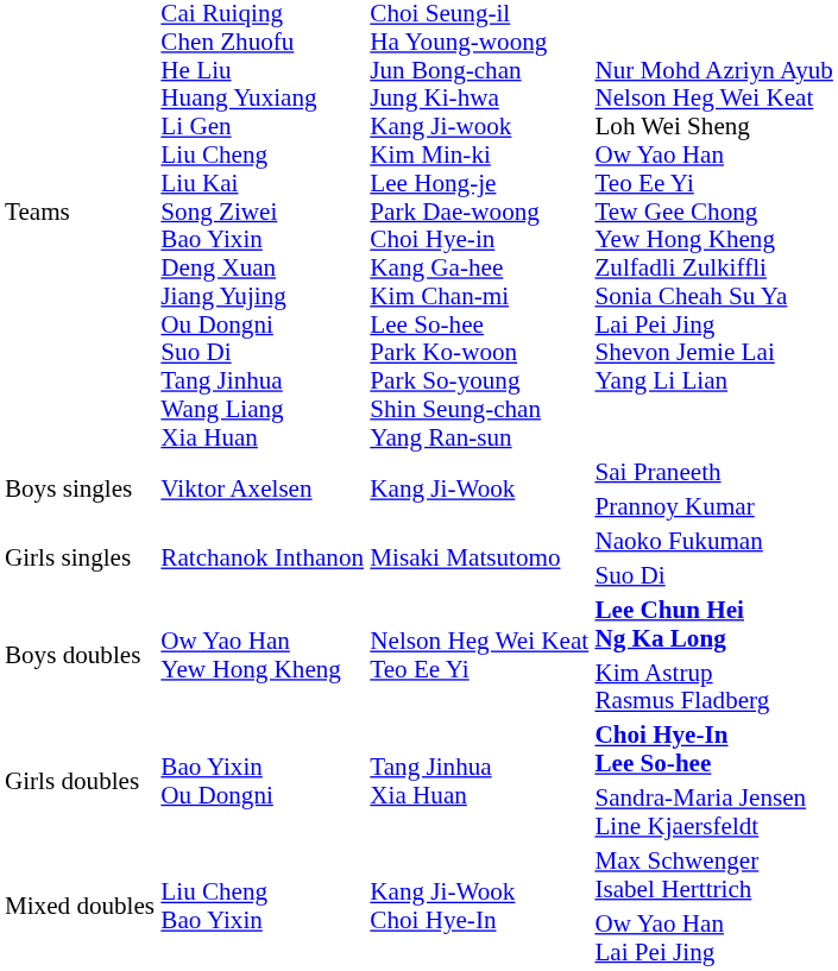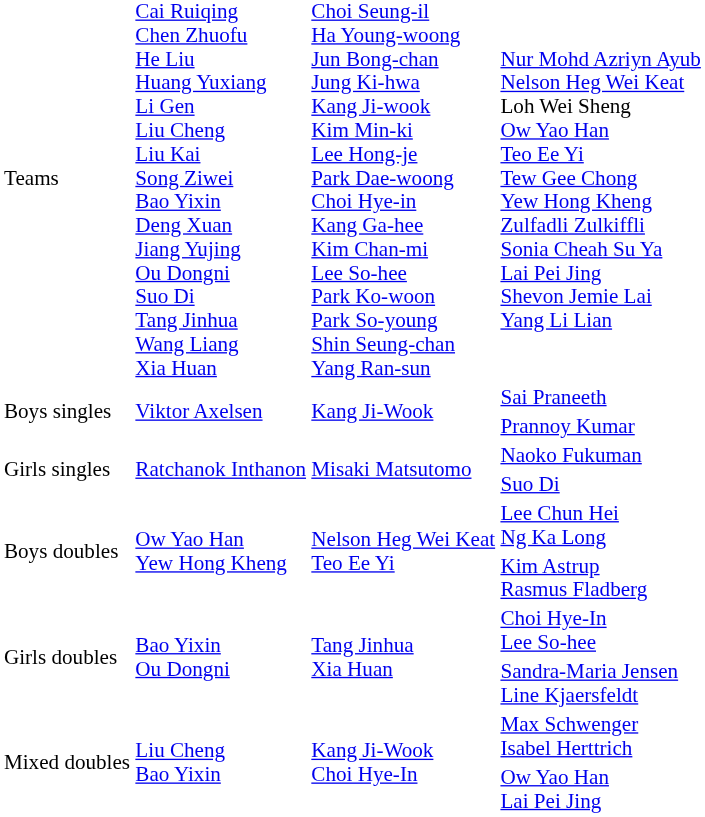 <table>
 <tr>
 <td>Teams</td>
 <td> <br><a href='#'>Cai Ruiqing</a><br><a href='#'>Chen Zhuofu</a><br><a href='#'>He Liu</a><br><a href='#'>Huang Yuxiang</a><br><a href='#'>Li Gen</a><br><a href='#'>Liu Cheng</a><br><a href='#'>Liu Kai</a><br><a href='#'>Song Ziwei</a><br><a href='#'>Bao Yixin</a><br><a href='#'>Deng Xuan</a><br><a href='#'>Jiang Yujing</a><br><a href='#'>Ou Dongni</a><br><a href='#'>Suo Di</a><br><a href='#'>Tang Jinhua</a><br><a href='#'>Wang Liang</a><br><a href='#'>Xia Huan</a></td>
 <td> <br><a href='#'>Choi Seung-il</a><br><a href='#'>Ha Young-woong</a><br><a href='#'>Jun Bong-chan</a><br><a href='#'>Jung Ki-hwa</a><br><a href='#'>Kang Ji-wook</a><br><a href='#'>Kim Min-ki</a><br><a href='#'>Lee Hong-je</a><br><a href='#'>Park Dae-woong</a><br><a href='#'>Choi Hye-in</a><br><a href='#'>Kang Ga-hee</a><br><a href='#'>Kim Chan-mi</a><br><a href='#'>Lee So-hee</a><br><a href='#'>Park Ko-woon</a><br><a href='#'>Park So-young</a><br><a href='#'>Shin Seung-chan</a><br><a href='#'>Yang Ran-sun</a></td>
 <td> <br><a href='#'>Nur Mohd Azriyn Ayub</a><br><a href='#'>Nelson Heg Wei Keat</a><br>Loh Wei Sheng<br><a href='#'>Ow Yao Han</a><br><a href='#'>Teo Ee Yi</a><br><a href='#'>Tew Gee Chong</a><br><a href='#'>Yew Hong Kheng</a><br><a href='#'>Zulfadli Zulkiffli</a><br><a href='#'>Sonia Cheah Su Ya</a><br><a href='#'>Lai Pei Jing</a><br><a href='#'>Shevon Jemie Lai</a><br><a href='#'>Yang Li Lian</a></td>
 </tr>
 <tr>
 <td rowspan=2>Boys singles</td>
 <td rowspan=2><span></span> <a href='#'>Viktor Axelsen</a></td>
 <td rowspan=2><span></span> <a href='#'>Kang Ji-Wook</a></td>
 <td><span></span> <a href='#'>Sai Praneeth</a></td>
 </tr>
 <tr>
 <td><span></span> <a href='#'>Prannoy Kumar</a></td>
 </tr>
 <tr>
 <td rowspan=2>Girls singles</td>
 <td rowspan=2><span></span> <a href='#'>Ratchanok Inthanon</a></td>
 <td rowspan=2><span></span> <a href='#'>Misaki Matsutomo</a></td>
 <td><span></span> <a href='#'>Naoko Fukuman</a></td>
 </tr>
 <tr>
 <td><span></span> <a href='#'>Suo Di</a></td>
 </tr>
 <tr>
 <td rowspan=2>Boys doubles</td>
 <td rowspan=2><span></span> <a href='#'>Ow Yao Han</a><br> <span></span> <a href='#'>Yew Hong Kheng</a></td>
 <td rowspan=2><span></span> <a href='#'>Nelson Heg Wei Keat</a><br> <span></span> <a href='#'>Teo Ee Yi</a></td>
-<td><strong><span></span> <a href='#'>Lee Chun Hei</a><br> <span></span> <a href='#'>Ng Ka Long</a></strong></td>
+<td><span></span> <a href='#'>Lee Chun Hei</a><br> <span></span> <a href='#'>Ng Ka Long</a></td>
 </tr>
 <tr>
 <td><span></span> <a href='#'>Kim Astrup</a><br> <span></span> <a href='#'>Rasmus Fladberg</a></td>
 </tr>
 <tr>
 <td rowspan=2>Girls doubles</td>
 <td rowspan=2><span></span> <a href='#'>Bao Yixin</a><br> <span></span> <a href='#'>Ou Dongni</a></td>
 <td rowspan=2><span></span> <a href='#'>Tang Jinhua</a><br> <span></span> <a href='#'>Xia Huan</a></td>
-<td><strong><span></span> <a href='#'>Choi Hye-In</a><br> <span></span> <a href='#'>Lee So-hee</a></strong></td>
+<td><span></span> <a href='#'>Choi Hye-In</a><br> <span></span> <a href='#'>Lee So-hee</a></td>
 </tr>
 <tr>
 <td><span></span> <a href='#'>Sandra-Maria Jensen</a><br> <span></span> <a href='#'>Line Kjaersfeldt</a></td>
 </tr>
 <tr>
 <td rowspan=2>Mixed doubles</td>
 <td rowspan=2><span></span> <a href='#'>Liu Cheng</a><br> <span></span> <a href='#'>Bao Yixin</a></td>
 <td rowspan=2><span></span> <a href='#'>Kang Ji-Wook</a><br> <span></span> <a href='#'>Choi Hye-In</a></td>
 <td><span></span> <a href='#'>Max Schwenger</a><br> <span></span> <a href='#'>Isabel Herttrich</a></td>
 </tr>
 <tr>
 <td><span></span> <a href='#'>Ow Yao Han</a><br> <span></span> <a href='#'>Lai Pei Jing</a></td>
 </tr>
 </table>
